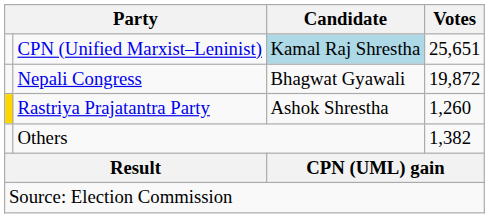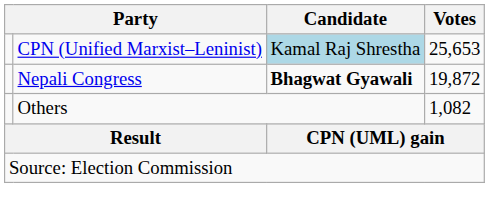 <table class="wikitable">
 <tr>
 <th colspan="2">Party</th>
 <th>Candidate</th>
 <th>Votes</th>
 </tr>
 <tr>
 <td style="background-color:"></td>
 <td><a href='#'>CPN (Unified Marxist–Leninist)</a></td>
 <td style="background: lightblue;">Kamal Raj Shrestha</td>
-<td>25,651</td>
+<td>25,653</td>
 </tr>
 <tr>
 <td style="background-color:"></td>
 <td><a href='#'>Nepali Congress</a></td>
-<td>Bhagwat Gyawali</td>
+<td><strong>Bhagwat Gyawali</strong></td>
 <td>19,872</td>
-</tr>
-<tr>
-<td style="background-color:gold"></td>
-<td><a href='#'>Rastriya Prajatantra Party</a></td>
-<td>Ashok Shrestha</td>
-<td>1,260</td>
 </tr>
 <tr>
 <td></td>
 <td colspan="2">Others</td>
-<td>1,382</td>
+<td>1,082</td>
 </tr>
 <tr>
 <th colspan="2">Result</th>
 <th colspan="2">CPN (UML) gain</th>
 </tr>
 <tr>
 <td colspan="4">Source: Election Commission</td>
 </tr>
 </table>
